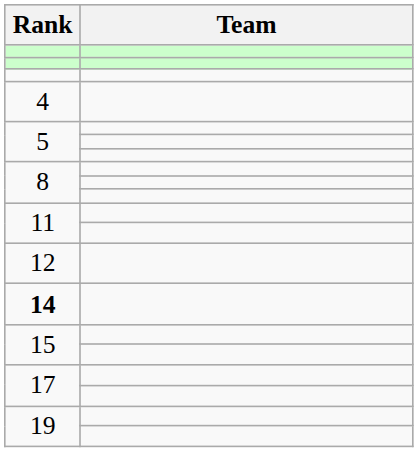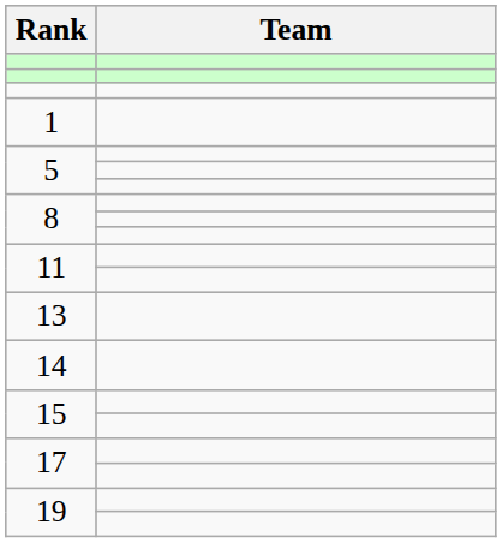 <table class="wikitable" style="text-align:center">
 <tr>
 <th width=40>Rank</th>
 <th width=200>Team</th>
 </tr>
 <tr bgcolor=#ccffcc>
 <td></td>
 <td style="text-align:left"></td>
 </tr>
 <tr bgcolor=#ccffcc>
 <td></td>
 <td style="text-align:left"></td>
 </tr>
 <tr>
 <td></td>
 <td style="text-align:left"></td>
 </tr>
 <tr>
-<td>4</td>
+<td>1</td>
 <td style="text-align:left"></td>
 </tr>
 <tr>
 <td rowspan=3>5</td>
 <td style="text-align:left"></td>
 </tr>
 <tr>
 <td style="text-align:left"></td>
 </tr>
 <tr>
 <td style="text-align:left"></td>
 </tr>
 <tr>
 <td rowspan=3>8</td>
 <td style="text-align:left"></td>
 </tr>
 <tr>
 <td style="text-align:left"></td>
 </tr>
 <tr>
 <td style="text-align:left"></td>
 </tr>
 <tr>
 <td rowspan=2>11</td>
 <td style="text-align:left"></td>
 </tr>
 <tr>
 <td style="text-align:left"></td>
 </tr>
 <tr>
-<td>12</td>
+<td>13</td>
 <td style="text-align:left"></td>
 </tr>
 <tr>
-<td><strong>14</strong></td>
+<td>14</td>
 <td style="text-align:left"></td>
 </tr>
 <tr>
 <td rowspan=2>15</td>
 <td style="text-align:left"></td>
 </tr>
 <tr>
 <td style="text-align:left"></td>
 </tr>
 <tr>
 <td rowspan=2>17</td>
 <td style="text-align:left"></td>
 </tr>
 <tr>
 <td style="text-align:left"></td>
 </tr>
 <tr>
 <td rowspan=2>19</td>
 <td style="text-align:left"></td>
 </tr>
 <tr>
 <td style="text-align:left"></td>
 </tr>
 </table>
